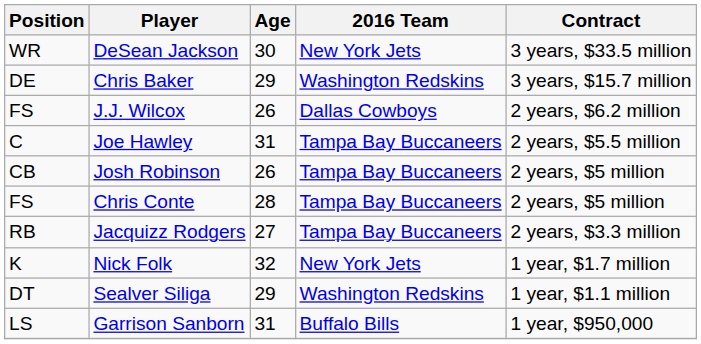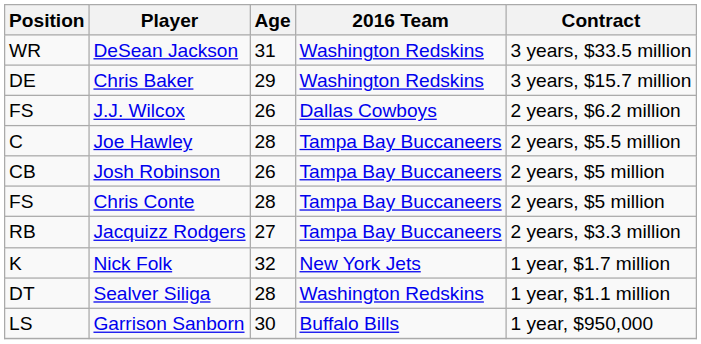 <table class="wikitable" style="font-size: 95%; text-align: left">
 <tr>
 <th>Position</th>
 <th>Player</th>
 <th>Age</th>
 <th>2016 Team</th>
 <th>Contract</th>
 </tr>
 <tr>
 <td>WR</td>
 <td><a href='#'>DeSean Jackson</a></td>
-<td>30</td>
-<td><a href='#'>New York Jets</a></td>
+<td>31</td>
+<td><a href='#'>Washington Redskins</a></td>
 <td>3 years, $33.5 million</td>
 </tr>
 <tr>
 <td>DE</td>
 <td><a href='#'>Chris Baker</a></td>
 <td>29</td>
 <td><a href='#'>Washington Redskins</a></td>
 <td>3 years, $15.7 million</td>
 </tr>
 <tr>
 <td>FS</td>
 <td><a href='#'>J.J. Wilcox</a></td>
 <td>26</td>
 <td><a href='#'>Dallas Cowboys</a></td>
 <td>2 years, $6.2 million</td>
 </tr>
 <tr>
 <td>C</td>
 <td><a href='#'>Joe Hawley</a></td>
-<td>31</td>
+<td>28</td>
 <td><a href='#'>Tampa Bay Buccaneers</a></td>
 <td>2 years, $5.5 million</td>
 </tr>
 <tr>
 <td>CB</td>
 <td><a href='#'>Josh Robinson</a></td>
 <td>26</td>
 <td><a href='#'>Tampa Bay Buccaneers</a></td>
 <td>2 years, $5 million</td>
 </tr>
 <tr>
 <td>FS</td>
 <td><a href='#'>Chris Conte</a></td>
 <td>28</td>
 <td><a href='#'>Tampa Bay Buccaneers</a></td>
 <td>2 years, $5 million</td>
 </tr>
 <tr>
 <td>RB</td>
 <td><a href='#'>Jacquizz Rodgers</a></td>
 <td>27</td>
 <td><a href='#'>Tampa Bay Buccaneers</a></td>
 <td>2 years, $3.3 million</td>
 </tr>
 <tr>
 <td>K</td>
 <td><a href='#'>Nick Folk</a></td>
 <td>32</td>
 <td><a href='#'>New York Jets</a></td>
 <td>1 year, $1.7 million</td>
 </tr>
 <tr>
 <td>DT</td>
 <td><a href='#'>Sealver Siliga</a></td>
-<td>29</td>
+<td>28</td>
 <td><a href='#'>Washington Redskins</a></td>
 <td>1 year, $1.1 million</td>
 </tr>
 <tr>
 <td>LS</td>
 <td><a href='#'>Garrison Sanborn</a></td>
-<td>31</td>
+<td>30</td>
 <td><a href='#'>Buffalo Bills</a></td>
 <td>1 year, $950,000</td>
 </tr>
 <tr>
 </tr>
 </table>
